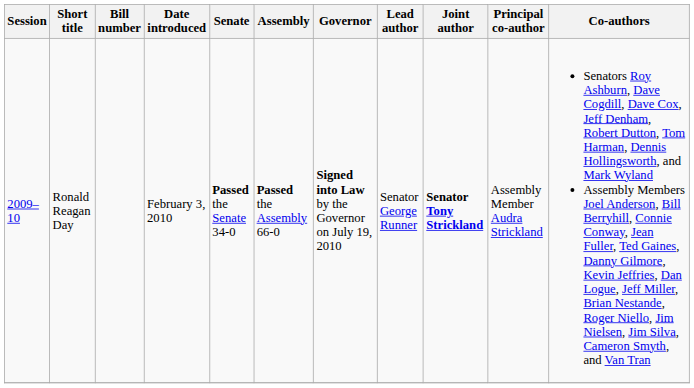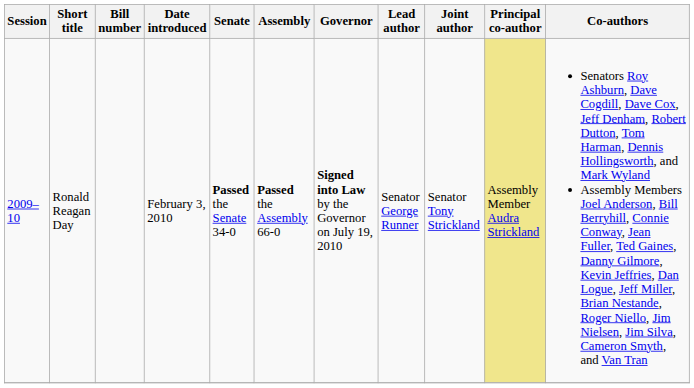 <table class="wikitable">
 <tr>
 <th>Session</th>
 <th>Short title</th>
 <th>Bill number</th>
 <th>Date introduced</th>
 <th>Senate</th>
 <th>Assembly</th>
 <th>Governor</th>
 <th>Lead author</th>
 <th>Joint author</th>
 <th>Principal co-author</th>
 <th>Co-authors</th>
 </tr>
 <tr>
 <td><a href='#'>2009–10</a></td>
 <td>Ronald Reagan Day</td>
 <td></td>
 <td>February 3, 2010</td>
 <td><strong>Passed</strong> the <a href='#'>Senate</a> 34-0</td>
 <td><strong>Passed</strong> the <a href='#'>Assembly</a> 66-0</td>
 <td><strong>Signed into Law</strong> by the Governor on July 19, 2010</td>
 <td>Senator <a href='#'>George Runner</a></td>
-<td><strong>Senator <a href='#'>Tony Strickland</a></strong></td>
-<td>Assembly Member <a href='#'>Audra Strickland</a></td>
+<td>Senator <a href='#'>Tony Strickland</a></td>
+<td style="background: khaki;">Assembly Member <a href='#'>Audra Strickland</a></td>
 <td><br><ul><li>Senators <a href='#'>Roy Ashburn</a>, <a href='#'>Dave Cogdill</a>, <a href='#'>Dave Cox</a>, <a href='#'>Jeff Denham</a>, <a href='#'>Robert Dutton</a>, <a href='#'>Tom Harman</a>, <a href='#'>Dennis Hollingsworth</a>, and <a href='#'>Mark Wyland</a></li><li>Assembly Members <a href='#'>Joel Anderson</a>, <a href='#'>Bill Berryhill</a>, <a href='#'>Connie Conway</a>, <a href='#'>Jean Fuller</a>, <a href='#'>Ted Gaines</a>, <a href='#'>Danny Gilmore</a>, <a href='#'>Kevin Jeffries</a>, <a href='#'>Dan Logue</a>, <a href='#'>Jeff Miller</a>, <a href='#'>Brian Nestande</a>, <a href='#'>Roger Niello</a>, <a href='#'>Jim Nielsen</a>, <a href='#'>Jim Silva</a>, <a href='#'>Cameron Smyth</a>, and <a href='#'>Van Tran</a></li></ul></td>
 </tr>
 <tr>
 </tr>
 </table>
